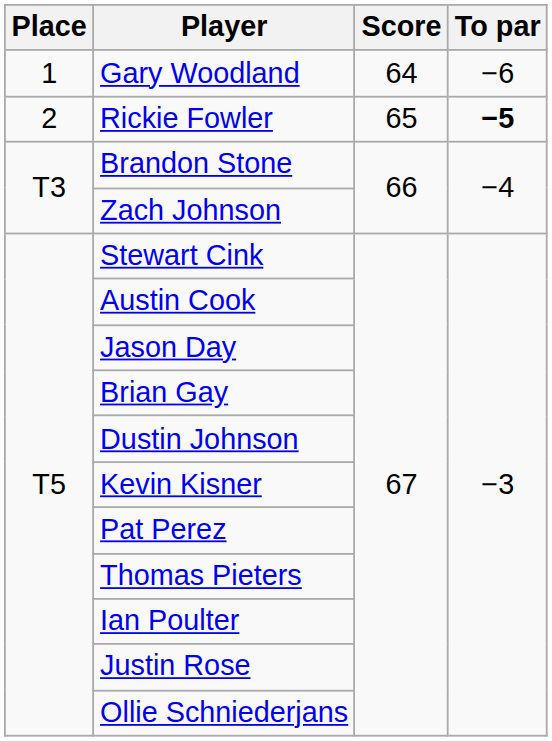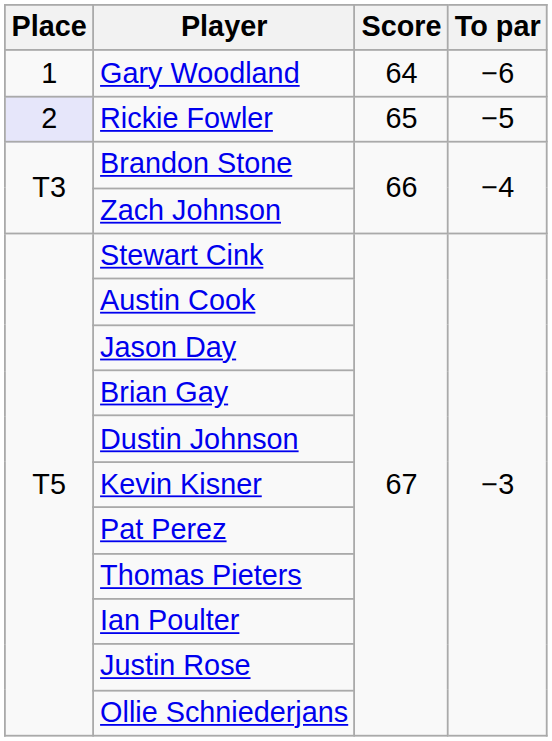 <table class="wikitable">
 <tr>
 <th>Place</th>
 <th>Player</th>
 <th>Score</th>
 <th>To par</th>
 </tr>
 <tr>
 <td align=center>1</td>
 <td> <a href='#'>Gary Woodland</a></td>
 <td align=center>64</td>
 <td align=center>−6</td>
 </tr>
 <tr>
-<td align=center>2</td>
+<td align=center style="background: lavender;">2</td>
 <td> <a href='#'>Rickie Fowler</a></td>
 <td align=center>65</td>
-<td align=center><strong>−5</strong></td>
+<td align=center>−5</td>
 </tr>
 <tr>
 <td rowspan=2 align=center>T3</td>
 <td> <a href='#'>Brandon Stone</a></td>
 <td rowspan=2 align=center>66</td>
 <td rowspan=2 align=center>−4</td>
 </tr>
 <tr>
 <td> <a href='#'>Zach Johnson</a></td>
 </tr>
 <tr>
 <td rowspan=11 align=center>T5</td>
 <td> <a href='#'>Stewart Cink</a></td>
 <td rowspan=11 align=center>67</td>
 <td rowspan=11 align=center>−3</td>
 </tr>
 <tr>
 <td> <a href='#'>Austin Cook</a></td>
 </tr>
 <tr>
 <td> <a href='#'>Jason Day</a></td>
 </tr>
 <tr>
 <td> <a href='#'>Brian Gay</a></td>
 </tr>
 <tr>
 <td> <a href='#'>Dustin Johnson</a></td>
 </tr>
 <tr>
 <td> <a href='#'>Kevin Kisner</a></td>
 </tr>
 <tr>
 <td> <a href='#'>Pat Perez</a></td>
 </tr>
 <tr>
 <td> <a href='#'>Thomas Pieters</a></td>
 </tr>
 <tr>
 <td> <a href='#'>Ian Poulter</a></td>
 </tr>
 <tr>
 <td> <a href='#'>Justin Rose</a></td>
 </tr>
 <tr>
 <td> <a href='#'>Ollie Schniederjans</a></td>
 </tr>
 </table>
